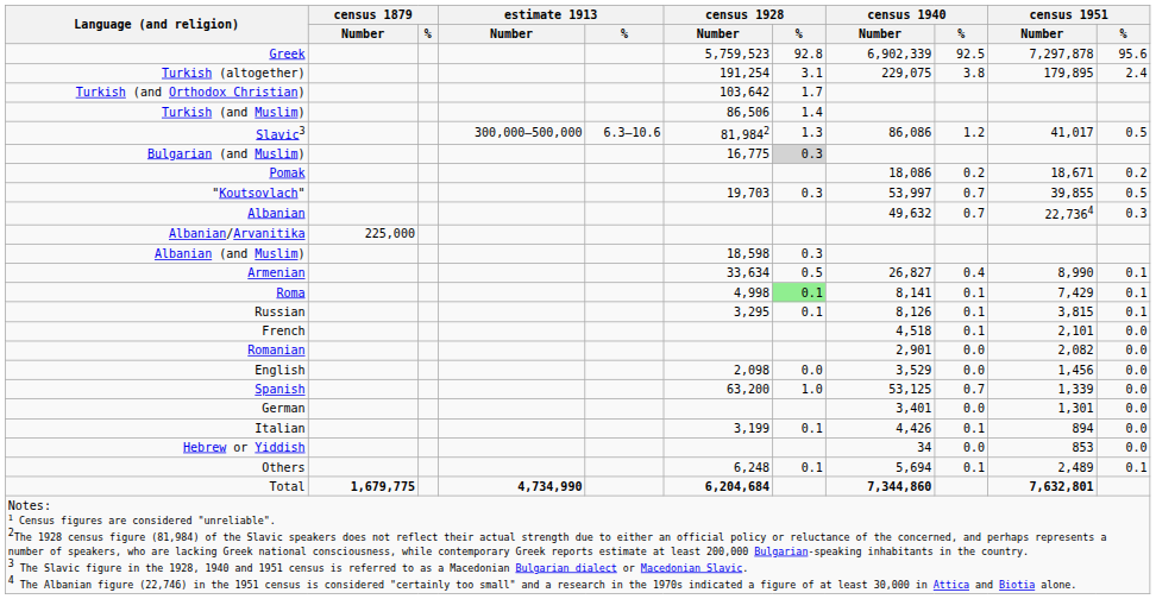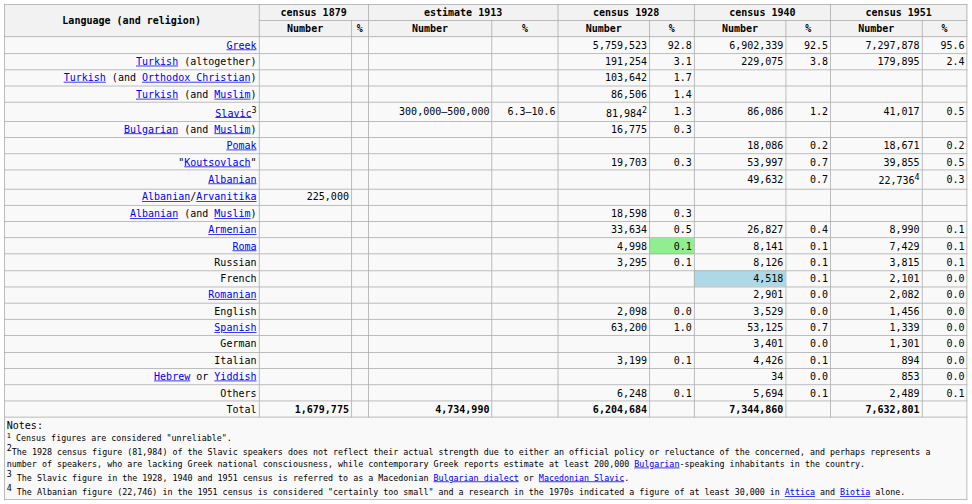 <table class="wikitable" style="text-align:right;">
 <tr style="background:#e0e0e0;">
 <th rowspan="2">Language (and religion)</th>
 <th colspan="2">census 1879</th>
 <th colspan="2">estimate 1913</th>
 <th colspan="2">census 1928</th>
 <th colspan="2">census 1940</th>
 <th colspan="2">census 1951</th>
 </tr>
 <tr style="background:#e0e0e0;">
 <th>Number</th>
 <th>%</th>
 <th>Number</th>
 <th>%</th>
 <th>Number</th>
 <th>%</th>
 <th>Number</th>
 <th>%</th>
 <th>Number</th>
 <th>%</th>
 </tr>
 <tr>
 <td><a href='#'>Greek</a></td>
 <td></td>
 <td></td>
 <td></td>
 <td></td>
 <td>5,759,523</td>
 <td>92.8</td>
 <td>6,902,339</td>
 <td>92.5</td>
 <td>7,297,878</td>
 <td>95.6</td>
 </tr>
 <tr>
 <td><a href='#'>Turkish</a> (altogether)</td>
 <td></td>
 <td></td>
 <td></td>
 <td></td>
 <td>191,254</td>
 <td>3.1</td>
 <td>229,075</td>
 <td>3.8</td>
 <td>179,895</td>
 <td>2.4</td>
 </tr>
 <tr>
 <td><a href='#'>Turkish</a> (and <a href='#'>Orthodox Christian</a>)</td>
 <td></td>
 <td></td>
 <td></td>
 <td></td>
 <td>103,642</td>
 <td>1.7</td>
 <td></td>
 <td></td>
 <td></td>
 <td></td>
 </tr>
 <tr>
 <td><a href='#'>Turkish</a> (and <a href='#'>Muslim</a>)</td>
 <td></td>
 <td></td>
 <td></td>
 <td></td>
 <td>86,506</td>
 <td>1.4</td>
 <td></td>
 <td></td>
 <td></td>
 <td></td>
 </tr>
 <tr>
 <td><a href='#'>Slavic</a><sup>3</sup></td>
 <td></td>
 <td></td>
 <td>300,000–500,000</td>
 <td>6.3–10.6</td>
 <td>81,984<sup>2</sup></td>
 <td>1.3</td>
 <td>86,086</td>
 <td>1.2</td>
 <td>41,017</td>
 <td>0.5</td>
 </tr>
 <tr>
 <td><a href='#'>Bulgarian</a> (and <a href='#'>Muslim</a>)</td>
 <td></td>
 <td></td>
 <td></td>
 <td></td>
 <td>16,775</td>
-<td style="background: lightgrey;">0.3</td>
+<td>0.3</td>
 <td></td>
 <td></td>
 <td></td>
 <td></td>
 </tr>
 <tr>
 <td><a href='#'>Pomak</a></td>
 <td></td>
 <td></td>
 <td></td>
 <td></td>
 <td></td>
 <td></td>
 <td>18,086</td>
 <td>0.2</td>
 <td>18,671</td>
 <td>0.2</td>
 </tr>
 <tr>
 <td>"<a href='#'>Koutsovlach</a>"</td>
 <td></td>
 <td></td>
 <td></td>
 <td></td>
 <td>19,703</td>
 <td>0.3</td>
 <td>53,997</td>
 <td>0.7</td>
 <td>39,855</td>
 <td>0.5</td>
 </tr>
 <tr>
 <td><a href='#'>Albanian</a></td>
 <td></td>
 <td></td>
 <td></td>
 <td></td>
 <td></td>
 <td></td>
 <td>49,632</td>
 <td>0.7</td>
 <td>22,736<sup>4</sup></td>
 <td>0.3</td>
 </tr>
 <tr>
 <td><a href='#'>Albanian</a>/<a href='#'>Arvanitika</a></td>
 <td>225,000</td>
 <td></td>
 <td></td>
 <td></td>
 <td></td>
 <td></td>
 <td></td>
 <td></td>
 <td></td>
 <td></td>
 </tr>
 <tr>
 <td><a href='#'>Albanian</a> (and <a href='#'>Muslim</a>)</td>
 <td></td>
 <td></td>
 <td></td>
 <td></td>
 <td>18,598</td>
 <td>0.3</td>
 <td></td>
 <td></td>
 <td></td>
 <td></td>
 </tr>
 <tr>
 <td><a href='#'>Armenian</a></td>
 <td></td>
 <td></td>
 <td></td>
 <td></td>
 <td>33,634</td>
 <td>0.5</td>
 <td>26,827</td>
 <td>0.4</td>
 <td>8,990</td>
 <td>0.1</td>
 </tr>
 <tr>
 <td><a href='#'>Roma</a></td>
 <td></td>
 <td></td>
 <td></td>
 <td></td>
 <td>4,998</td>
 <td style="background: lightgreen;">0.1</td>
 <td>8,141</td>
 <td>0.1</td>
 <td>7,429</td>
 <td>0.1</td>
 </tr>
 <tr>
 <td>Russian</td>
 <td></td>
 <td></td>
 <td></td>
 <td></td>
 <td>3,295</td>
 <td>0.1</td>
 <td>8,126</td>
 <td>0.1</td>
 <td>3,815</td>
 <td>0.1</td>
 </tr>
 <tr>
 <td>French</td>
 <td></td>
 <td></td>
 <td></td>
 <td></td>
 <td></td>
 <td></td>
-<td>4,518</td>
+<td style="background: lightblue;">4,518</td>
 <td>0.1</td>
 <td>2,101</td>
 <td>0.0</td>
 </tr>
 <tr>
 <td><a href='#'>Romanian</a></td>
 <td></td>
 <td></td>
 <td></td>
 <td></td>
 <td></td>
 <td></td>
 <td>2,901</td>
 <td>0.0</td>
 <td>2,082</td>
 <td>0.0</td>
 </tr>
 <tr>
 <td>English</td>
 <td></td>
 <td></td>
 <td></td>
 <td></td>
 <td>2,098</td>
 <td>0.0</td>
 <td>3,529</td>
 <td>0.0</td>
 <td>1,456</td>
 <td>0.0</td>
 </tr>
 <tr>
 <td><a href='#'>Spanish</a></td>
 <td></td>
 <td></td>
 <td></td>
 <td></td>
 <td>63,200</td>
 <td>1.0</td>
 <td>53,125</td>
 <td>0.7</td>
 <td>1,339</td>
 <td>0.0</td>
 </tr>
 <tr>
 <td>German</td>
 <td></td>
 <td></td>
 <td></td>
 <td></td>
 <td></td>
 <td></td>
 <td>3,401</td>
 <td>0.0</td>
 <td>1,301</td>
 <td>0.0</td>
 </tr>
 <tr>
 <td>Italian</td>
 <td></td>
 <td></td>
 <td></td>
 <td></td>
 <td>3,199</td>
 <td>0.1</td>
 <td>4,426</td>
 <td>0.1</td>
 <td>894</td>
 <td>0.0</td>
 </tr>
 <tr>
 <td><a href='#'>Hebrew</a> or <a href='#'>Yiddish</a></td>
 <td></td>
 <td></td>
 <td></td>
 <td></td>
 <td></td>
 <td></td>
 <td>34</td>
 <td>0.0</td>
 <td>853</td>
 <td>0.0</td>
 </tr>
 <tr>
 <td>Others</td>
 <td></td>
 <td></td>
 <td></td>
 <td></td>
 <td>6,248</td>
 <td>0.1</td>
 <td>5,694</td>
 <td>0.1</td>
 <td>2,489</td>
 <td>0.1</td>
 </tr>
 <tr>
 <td>Total</td>
 <td><strong>1,679,775</strong></td>
 <td></td>
 <td><strong>4,734,990</strong></td>
 <td></td>
 <td><strong>6,204,684</strong></td>
 <td></td>
 <td><strong>7,344,860</strong></td>
 <td></td>
 <td><strong>7,632,801</strong></td>
 <td></td>
 </tr>
 <tr>
 <td colspan="13" align="left">Notes:<br> <small><sup>1</sup> Census figures are considered "unreliable".</small><br><sup>2</sup><small>The 1928 census figure (81,984) of the Slavic speakers does not reflect their actual strength due to either an official policy or reluctance of the concerned, and perhaps represents a number of speakers, who are lacking Greek national consciousness, while contemporary Greek reports estimate at least 200,000 <a href='#'>Bulgarian</a>-speaking inhabitants in the country.</small><br> <sup>3</sup><small> The Slavic figure in the 1928, 1940 and 1951 census is referred to as a Macedonian <a href='#'>Bulgarian dialect</a> or <a href='#'>Macedonian Slavic</a>.</small><br> <sup>4</sup><small> The Albanian figure (22,746) in the 1951 census is considered "certainly too small" and a research in the 1970s indicated a figure of at least 30,000 in <a href='#'>Attica</a> and <a href='#'>Biotia</a> alone.</small></td>
 </tr>
 </table>
